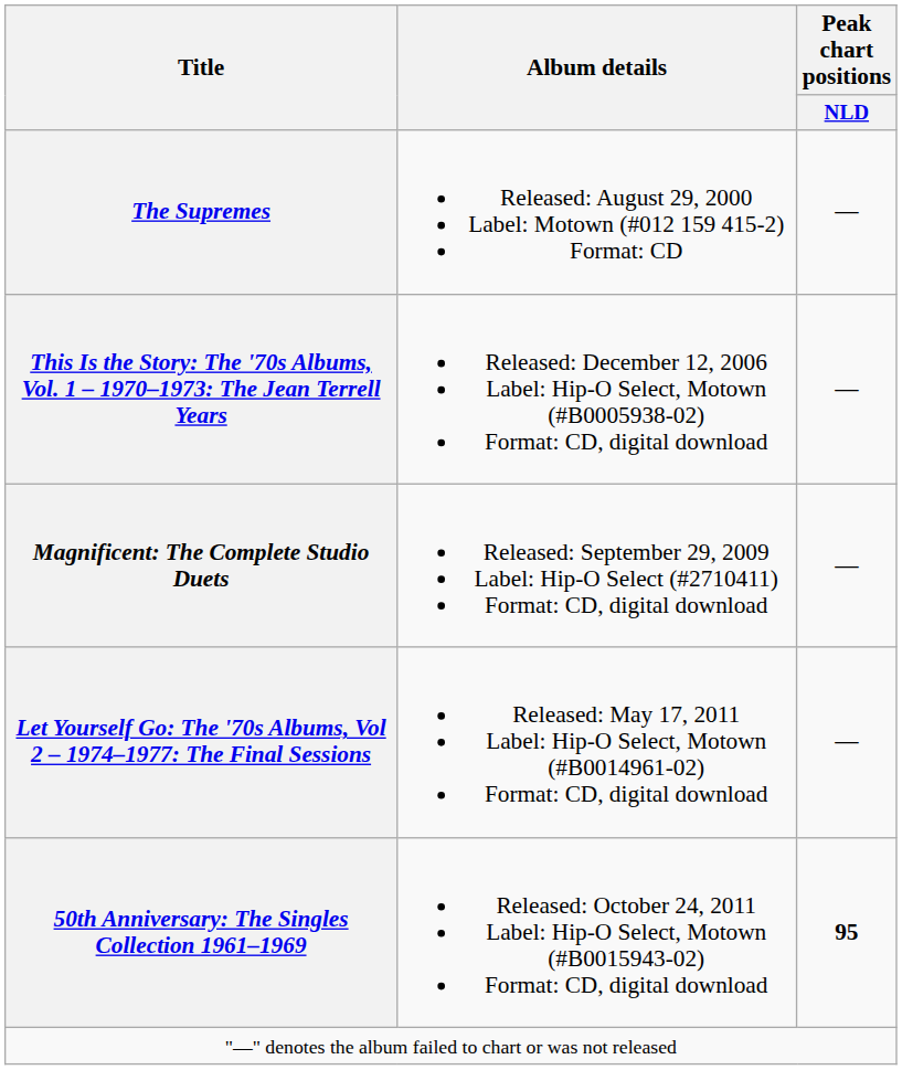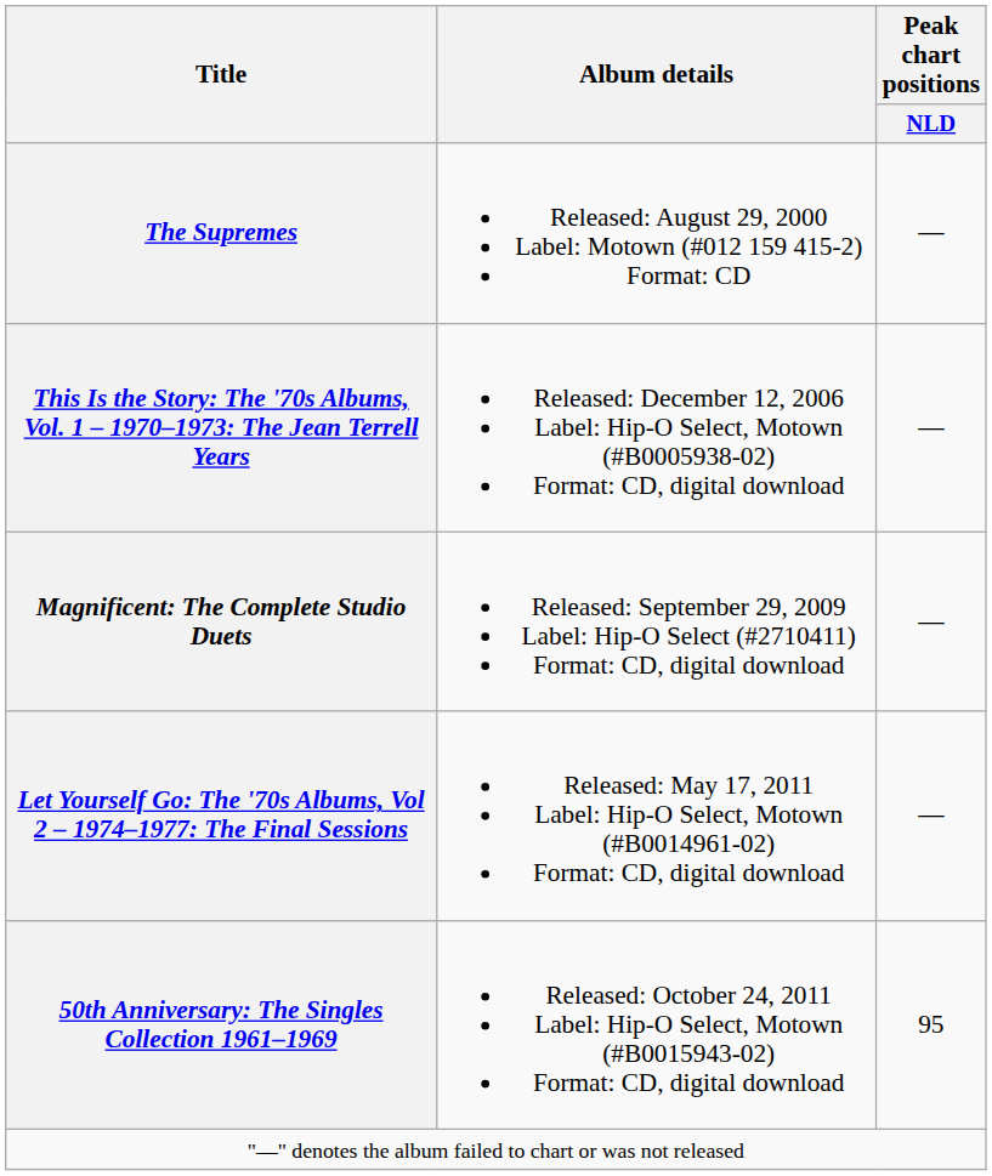 <table class="wikitable plainrowheaders" style="text-align:center;">
 <tr>
 <th scope="col" rowspan="2" style="width:18em;">Title</th>
 <th scope="col" rowspan="2" style="width:18em;">Album details</th>
 <th scope="col" style="width:1em;">Peak<br>chart positions</th>
 </tr>
 <tr>
 <th scope="col" style="width:2.6em; font-size:90%;"><a href='#'>NLD</a><br></th>
 </tr>
 <tr>
 <th scope="row"><em><a href='#'>The Supremes</a></em></th>
 <td><br><ul><li>Released: August 29, 2000</li><li>Label: Motown (#012 159 415-2)</li><li>Format: CD</li></ul></td>
 <td>—</td>
 </tr>
 <tr>
 <th scope="row"><em><a href='#'>This Is the Story: The '70s Albums, Vol. 1 – 1970–1973: The Jean Terrell Years</a></em></th>
 <td><br><ul><li>Released: December 12, 2006</li><li>Label: Hip-O Select, Motown (#B0005938-02)</li><li>Format: CD, digital download</li></ul></td>
 <td>—</td>
 </tr>
 <tr>
 <th scope="row"><em>Magnificent: The Complete Studio Duets</em></th>
 <td><br><ul><li>Released: September 29, 2009</li><li>Label: Hip-O Select (#2710411)</li><li>Format: CD, digital download</li></ul></td>
 <td>—</td>
 </tr>
 <tr>
 <th scope="row"><em><a href='#'>Let Yourself Go: The '70s Albums, Vol 2 – 1974–1977: The Final Sessions</a></em></th>
 <td><br><ul><li>Released: May 17, 2011</li><li>Label: Hip-O Select, Motown (#B0014961-02)</li><li>Format: CD, digital download</li></ul></td>
 <td>—</td>
 </tr>
 <tr>
 <th scope="row"><em><a href='#'>50th Anniversary: The Singles Collection 1961–1969</a></em></th>
 <td><br><ul><li>Released: October 24, 2011</li><li>Label: Hip-O Select, Motown (#B0015943-02)</li><li>Format: CD, digital download</li></ul></td>
-<td><strong>95</strong></td>
+<td>95</td>
 </tr>
 <tr>
 <td colspan="11"><small>"—" denotes the album failed to chart or was not released</small></td>
 </tr>
 </table>
